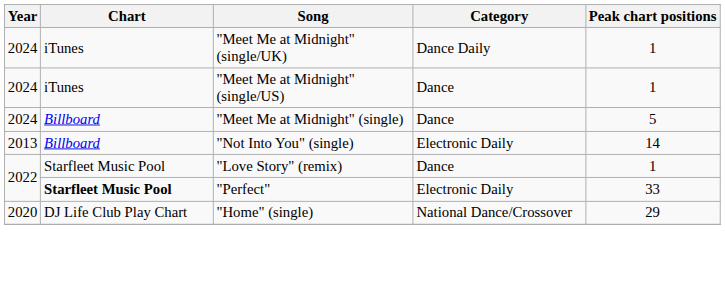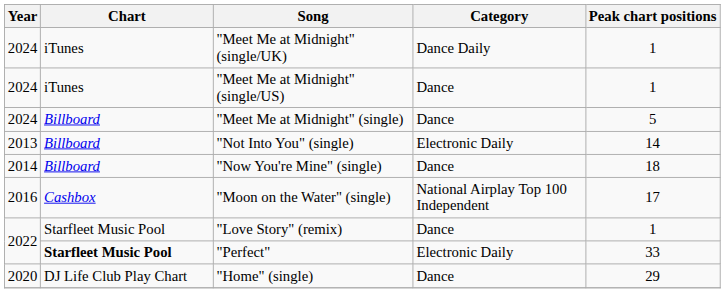 <table class="wikitable">
 <tr>
 <th rowspan="1">Year</th>
 <th width="180" rowspan="1">Chart</th>
 <th width="210" rowspan="1">Song</th>
 <th width="180" rowspan="1">Category</th>
 <th colspan="1">Peak chart positions</th>
 </tr>
 <tr>
 <td rowspan="1">2024</td>
 <td>iTunes</td>
 <td>"Meet Me at Midnight" (single/UK)</td>
 <td>Dance Daily</td>
 <td align="center">1</td>
 </tr>
 <tr>
 <td rowspan="1">2024</td>
 <td>iTunes</td>
 <td>"Meet Me at Midnight" (single/US)</td>
 <td>Dance</td>
 <td align="center">1</td>
 </tr>
 <tr>
 <td rowspan="1">2024</td>
 <td><em><a href='#'>Billboard</a></em></td>
 <td>"Meet Me at Midnight" (single)</td>
 <td>Dance</td>
 <td align="center">5</td>
 </tr>
 <tr>
 <td rowspan="1">2013</td>
 <td><em><a href='#'>Billboard</a></em></td>
 <td>"Not Into You" (single)</td>
 <td>Electronic Daily</td>
 <td align="center">14</td>
 </tr>
 <tr>
+<td rowspan="1">2014</td>
+<td><em><a href='#'>Billboard</a></em></td>
+<td>"Now You're Mine" (single)</td>
+<td>Dance</td>
+<td align="center">18</td>
+</tr>
+<tr>
+<td rowspan="1">2016</td>
+<td><em><a href='#'>Cashbox</a></em></td>
+<td>"Moon on the Water" (single)</td>
+<td>National Airplay Top 100 Independent</td>
+<td align="center">17</td>
+</tr>
+<tr>
 <td rowspan="2">2022</td>
 <td>Starfleet Music Pool</td>
 <td>"Love Story" (remix)</td>
 <td>Dance</td>
 <td align="center">1</td>
 </tr>
 <tr>
 <td><strong>Starfleet Music Pool</strong></td>
 <td>"Perfect"</td>
 <td>Electronic Daily</td>
 <td align="center">33</td>
 </tr>
 <tr>
 <td rowspan="1">2020</td>
 <td>DJ Life Club Play Chart</td>
 <td>"Home" (single)</td>
-<td>National Dance/Crossover</td>
+<td>Dance</td>
 <td align="center">29</td>
 </tr>
 <tr>
 </tr>
 </table>
